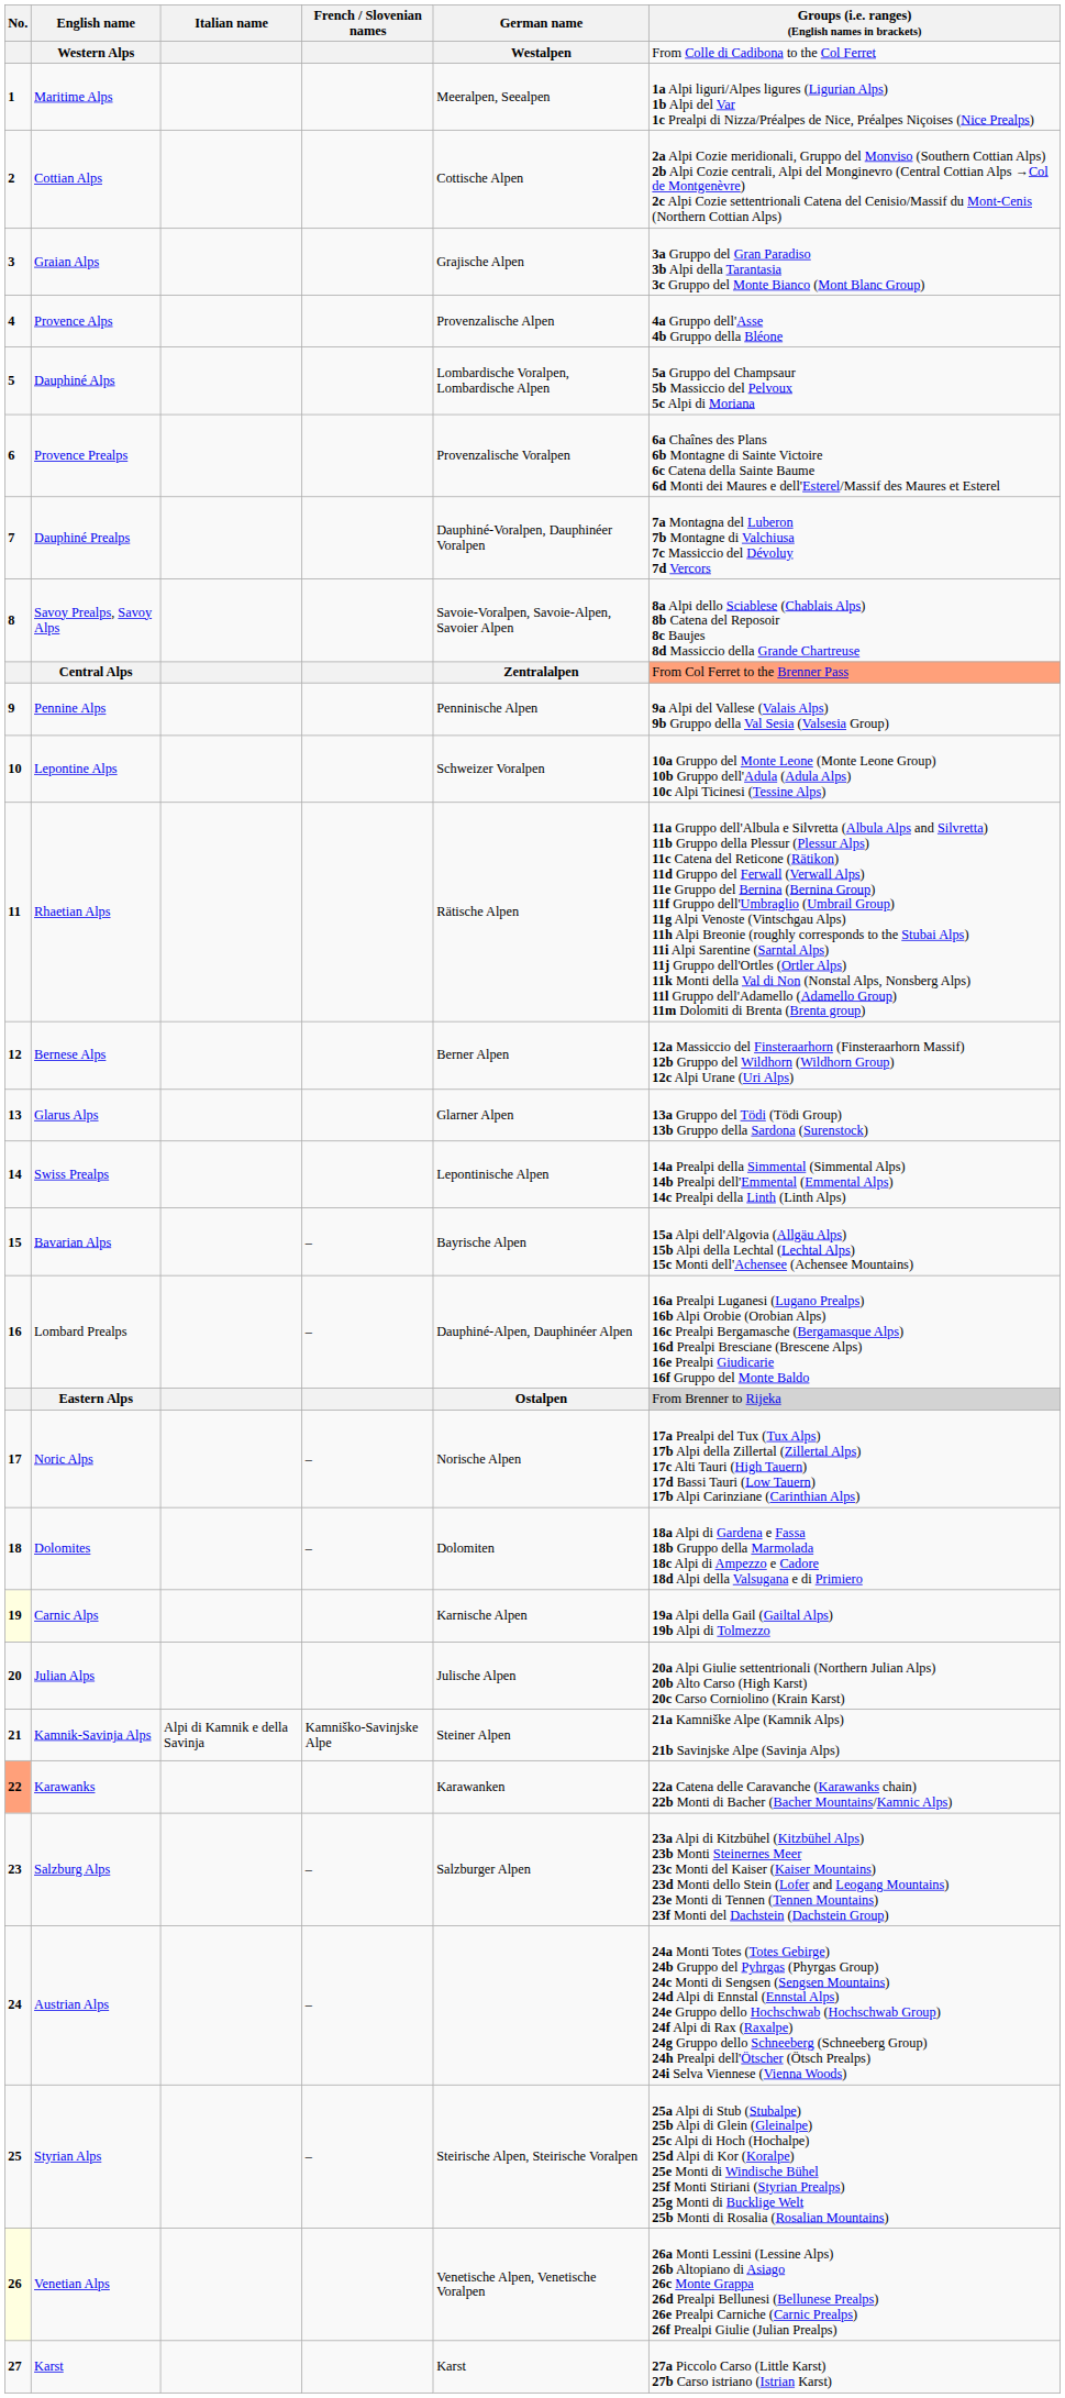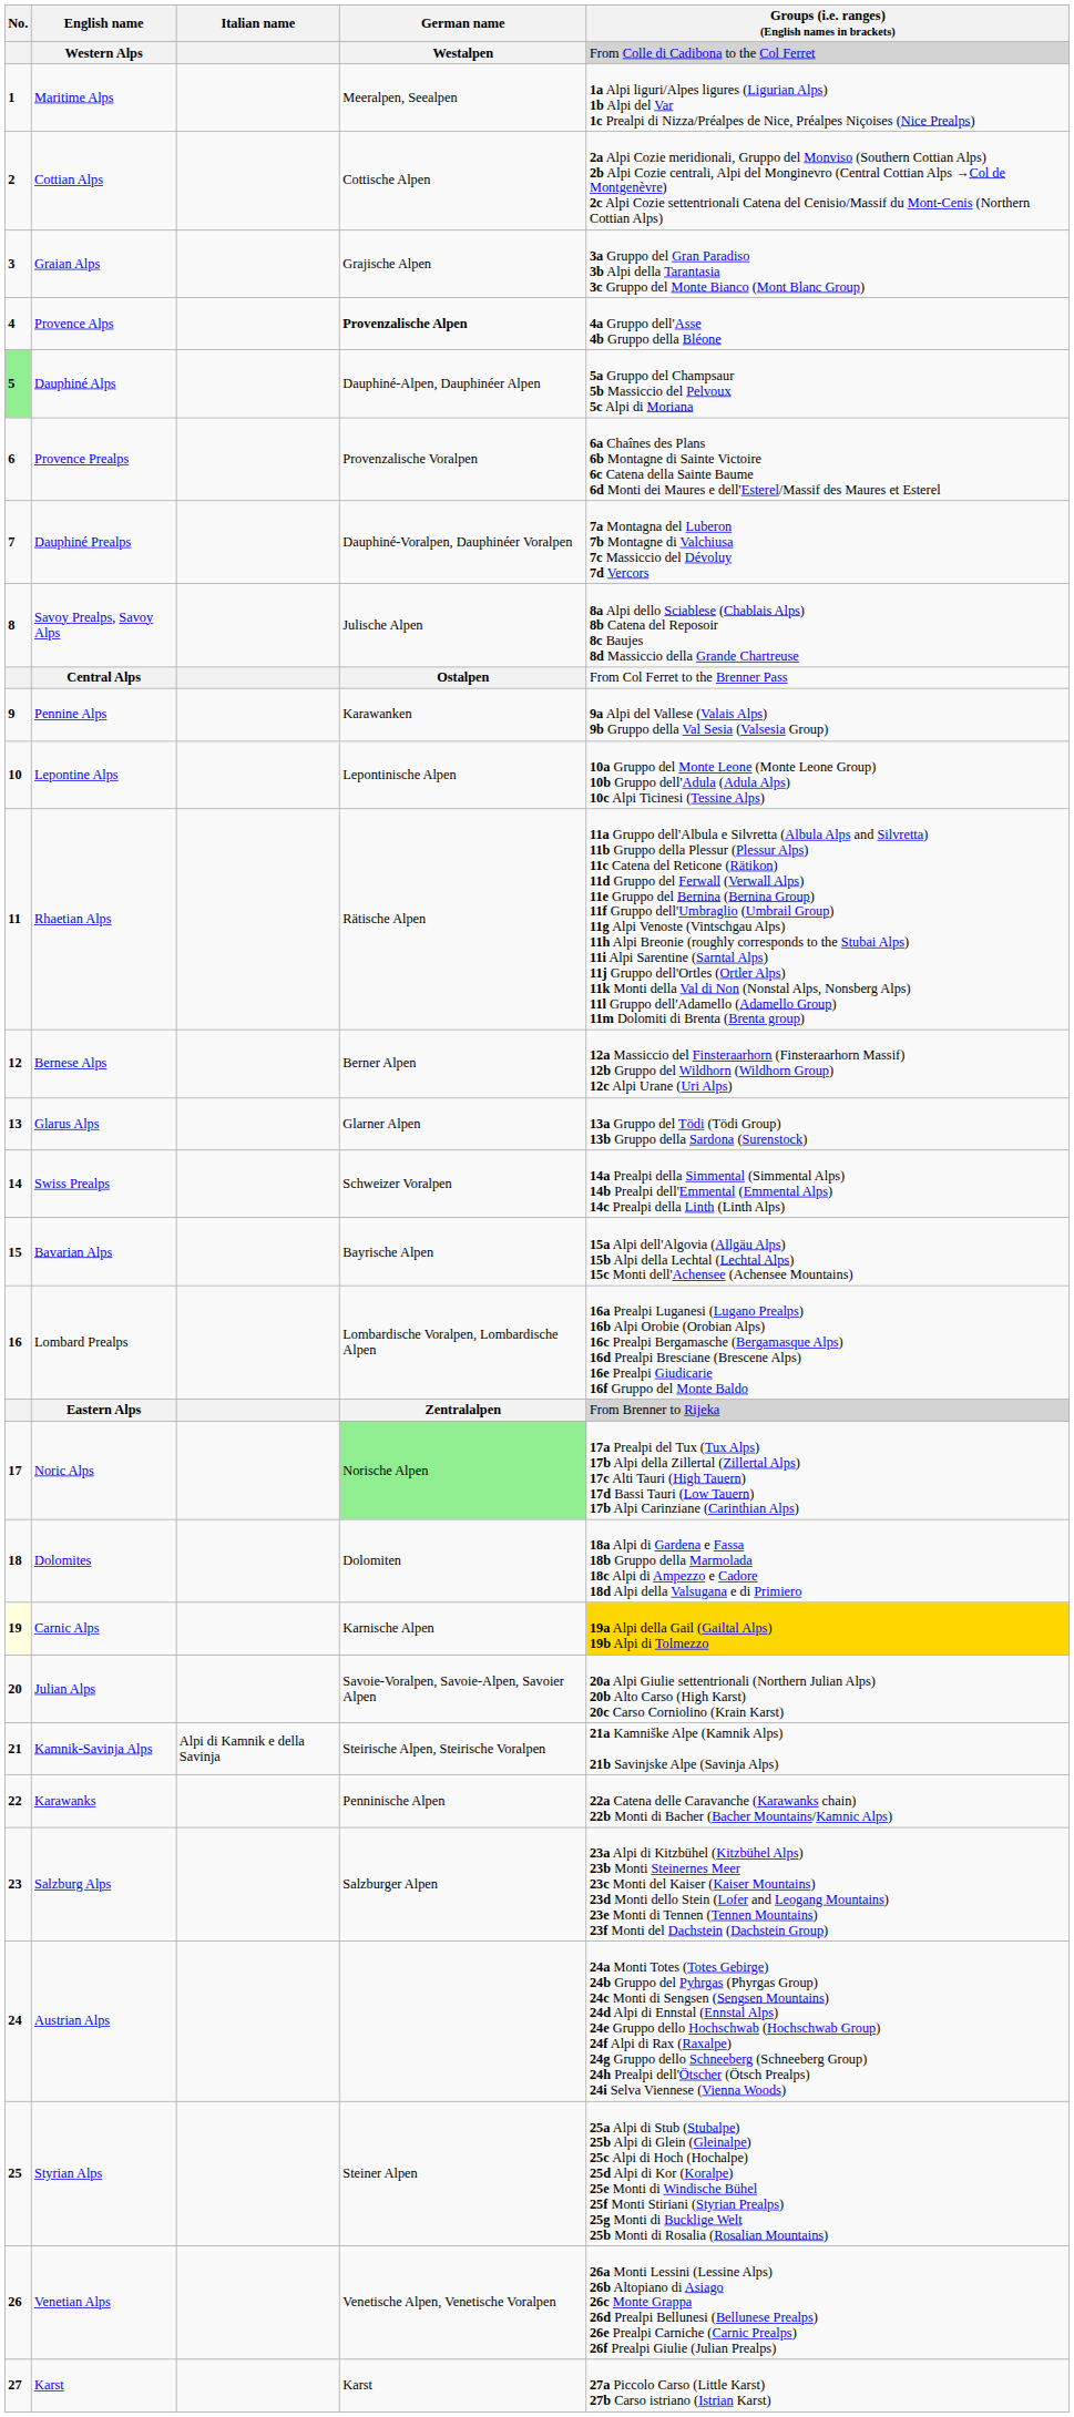 <table class="wikitable sortable">
 <tr>
 <th>No.</th>
 <th>English name</th>
 <th>Italian name</th>
-<th>French / Slovenian names </th>
 <th>German name</th>
 <th class="unsortable">Groups (i.e. ranges)<br><small>(English names in brackets)</small></th>
 </tr>
 <tr>
 <th></th>
 <th>Western Alps</th>
 <th></th>
-<th></th>
 <th>Westalpen</th>
-<td>From <a href='#'>Colle di Cadibona</a> to the <a href='#'>Col Ferret</a></td>
+<td style="background: lightgrey;">From <a href='#'>Colle di Cadibona</a> to the <a href='#'>Col Ferret</a></td>
 </tr>
 <tr>
 <td><strong>1</strong></td>
 <td><a href='#'>Maritime Alps</a></td>
-<td></td>
 <td></td>
 <td>Meeralpen, Seealpen</td>
 <td><br><strong>1a</strong> Alpi liguri/Alpes ligures (<a href='#'>Ligurian Alps</a>)<br> <strong>1b</strong> Alpi del <a href='#'>Var</a><br> <strong>1c</strong> Prealpi di Nizza/Préalpes de Nice, Préalpes Niçoises (<a href='#'>Nice Prealps</a>)</td>
 </tr>
 <tr>
 <td><strong>2</strong></td>
 <td><a href='#'>Cottian Alps</a></td>
 <td></td>
-<td></td>
 <td>Cottische Alpen</td>
 <td><br><strong>2a</strong> Alpi Cozie meridionali, Gruppo del <a href='#'>Monviso</a> (Southern Cottian Alps)<br> <strong>2b</strong> Alpi Cozie centrali, Alpi del Monginevro (Central Cottian Alps →<a href='#'>Col de Montgenèvre</a>)<br> <strong>2c</strong> Alpi Cozie settentrionali Catena del Cenisio/Massif du <a href='#'>Mont-Cenis</a> (Northern Cottian Alps)</td>
 </tr>
 <tr>
 <td><strong>3</strong></td>
 <td><a href='#'>Graian Alps</a></td>
-<td></td>
 <td></td>
 <td>Grajische Alpen</td>
 <td><br><strong>3a</strong> Gruppo del <a href='#'>Gran Paradiso</a><br> <strong>3b</strong> Alpi della <a href='#'>Tarantasia</a><br> <strong>3c</strong> Gruppo del <a href='#'>Monte Bianco</a> (<a href='#'>Mont Blanc Group</a>)</td>
 </tr>
 <tr>
 <td><strong>4</strong></td>
 <td><a href='#'>Provence Alps</a></td>
 <td></td>
-<td></td>
-<td>Provenzalische Alpen</td>
+<td><strong>Provenzalische Alpen</strong></td>
 <td><br><strong>4a</strong> Gruppo dell'<a href='#'>Asse</a><br> <strong>4b</strong> Gruppo della <a href='#'>Bléone</a></td>
 </tr>
 <tr>
-<td><strong>5</strong></td>
+<td style="background: lightgreen;"><strong>5</strong></td>
 <td><a href='#'>Dauphiné Alps</a></td>
 <td></td>
-<td></td>
-<td>Lombardische Voralpen, Lombardische Alpen</td>
+<td>Dauphiné-Alpen, Dauphinéer Alpen</td>
 <td><br><strong>5a</strong> Gruppo del Champsaur<br> <strong>5b</strong> Massiccio del <a href='#'>Pelvoux</a><br> <strong>5c</strong> Alpi di <a href='#'>Moriana</a></td>
 </tr>
 <tr>
 <td><strong>6</strong></td>
 <td><a href='#'>Provence Prealps</a></td>
-<td></td>
 <td></td>
 <td>Provenzalische Voralpen</td>
 <td><br><strong>6a</strong> Chaînes des Plans<br> <strong>6b</strong> Montagne di Sainte Victoire<br> <strong>6c</strong> Catena della Sainte Baume<br> <strong>6d</strong> Monti dei Maures e dell'<a href='#'>Esterel</a>/Massif des Maures et Esterel</td>
 </tr>
 <tr>
 <td><strong>7</strong></td>
 <td><a href='#'>Dauphiné Prealps</a></td>
 <td></td>
-<td></td>
 <td>Dauphiné-Voralpen, Dauphinéer Voralpen</td>
 <td><br><strong>7a</strong> Montagna del <a href='#'>Luberon</a><br> <strong>7b</strong> Montagne di <a href='#'>Valchiusa</a><br> <strong>7c</strong> Massiccio del <a href='#'>Dévoluy</a><br> <strong>7d</strong> <a href='#'>Vercors</a></td>
 </tr>
 <tr>
 <td><strong>8</strong></td>
 <td><a href='#'>Savoy Prealps</a>, <a href='#'>Savoy Alps</a></td>
 <td></td>
-<td></td>
-<td>Savoie-Voralpen, Savoie-Alpen, Savoier Alpen</td>
+<td>Julische Alpen</td>
 <td><br><strong>8a</strong> Alpi dello <a href='#'>Sciablese</a> (<a href='#'>Chablais Alps</a>)<br> <strong>8b</strong> Catena del Reposoir<br> <strong>8c</strong> Baujes<br> <strong>8d</strong> Massiccio della <a href='#'>Grande Chartreuse</a></td>
 </tr>
 <tr>
 <th></th>
 <th>Central Alps</th>
 <th></th>
-<th></th>
-<th>Zentralalpen</th>
-<td style="background: lightsalmon;">From Col Ferret to the <a href='#'>Brenner Pass</a></td>
+<th>Ostalpen</th>
+<td>From Col Ferret to the <a href='#'>Brenner Pass</a></td>
 </tr>
 <tr>
 <td><strong>9</strong></td>
 <td><a href='#'>Pennine Alps</a></td>
 <td></td>
-<td></td>
-<td>Penninische Alpen</td>
+<td>Karawanken</td>
 <td><br><strong>9a</strong> Alpi del Vallese (<a href='#'>Valais Alps</a>)<br> <strong>9b</strong> Gruppo della <a href='#'>Val Sesia</a> (<a href='#'>Valsesia</a> Group)</td>
 </tr>
 <tr>
 <td><strong>10</strong></td>
 <td><a href='#'>Lepontine Alps</a></td>
 <td></td>
-<td></td>
-<td>Schweizer Voralpen</td>
+<td>Lepontinische Alpen</td>
 <td><br><strong>10a</strong> Gruppo del <a href='#'>Monte Leone</a> (Monte Leone Group)<br> <strong>10b</strong> Gruppo dell'<a href='#'>Adula</a> (<a href='#'>Adula Alps</a>)<br> <strong>10c</strong> Alpi Ticinesi (<a href='#'>Tessine Alps</a>)</td>
 </tr>
 <tr>
 <td><strong>11</strong></td>
 <td><a href='#'>Rhaetian Alps</a></td>
-<td></td>
 <td></td>
 <td>Rätische Alpen</td>
 <td><br><strong>11a</strong> Gruppo dell'Albula e Silvretta (<a href='#'>Albula Alps</a> and <a href='#'>Silvretta</a>)<br> <strong>11b</strong> Gruppo della Plessur (<a href='#'>Plessur Alps</a>)<br> <strong>11c</strong> Catena del Reticone (<a href='#'>Rätikon</a>)<br> <strong>11d</strong> Gruppo del <a href='#'>Ferwall</a> (<a href='#'>Verwall Alps</a>)<br> <strong>11e</strong> Gruppo del <a href='#'>Bernina</a> (<a href='#'>Bernina Group</a>)<br> <strong>11f</strong> Gruppo dell'<a href='#'>Umbraglio</a> (<a href='#'>Umbrail Group</a>)<br> <strong>11g</strong> Alpi Venoste (Vintschgau Alps)<br> <strong>11h</strong> Alpi Breonie (roughly corresponds to the <a href='#'>Stubai Alps</a>)<br> <strong>11i</strong> Alpi Sarentine (<a href='#'>Sarntal Alps</a>)<br> <strong>11j</strong> Gruppo dell'Ortles (<a href='#'>Ortler Alps</a>)<br> <strong>11k</strong> Monti della <a href='#'>Val di Non</a> (Nonstal Alps, Nonsberg Alps)<br> <strong>11l</strong> Gruppo dell'Adamello (<a href='#'>Adamello Group</a>)<br> <strong>11m</strong> Dolomiti di Brenta (<a href='#'>Brenta group</a>)</td>
 </tr>
 <tr>
 <td><strong>12</strong></td>
 <td><a href='#'>Bernese Alps</a></td>
 <td></td>
-<td></td>
 <td>Berner Alpen</td>
 <td><br><strong>12a</strong> Massiccio del <a href='#'>Finsteraarhorn</a> (Finsteraarhorn Massif)<br> <strong>12b</strong> Gruppo del <a href='#'>Wildhorn</a> (<a href='#'>Wildhorn Group</a>)<br> <strong>12c</strong> Alpi Urane (<a href='#'>Uri Alps</a>)</td>
 </tr>
 <tr>
 <td><strong>13</strong></td>
 <td><a href='#'>Glarus Alps</a></td>
-<td></td>
 <td></td>
 <td>Glarner Alpen</td>
 <td><br><strong>13a</strong> Gruppo del <a href='#'>Tödi</a> (Tödi Group)<br> <strong>13b</strong> Gruppo della <a href='#'>Sardona</a> (<a href='#'>Surenstock</a>)</td>
 </tr>
 <tr>
 <td><strong>14</strong></td>
 <td><a href='#'>Swiss Prealps</a></td>
 <td></td>
-<td></td>
-<td>Lepontinische Alpen</td>
+<td>Schweizer Voralpen</td>
 <td><br><strong>14a</strong> Prealpi della <a href='#'>Simmental</a> (Simmental Alps)<br> <strong>14b</strong> Prealpi dell'<a href='#'>Emmental</a> (<a href='#'>Emmental Alps</a>)<br> <strong>14c</strong> Prealpi della <a href='#'>Linth</a> (Linth Alps)</td>
 </tr>
 <tr>
 <td><strong>15</strong></td>
 <td><a href='#'>Bavarian Alps</a></td>
 <td></td>
-<td>–</td>
 <td>Bayrische Alpen</td>
 <td><br><strong>15a</strong> Alpi dell'Algovia (<a href='#'>Allgäu Alps</a>)<br> <strong>15b</strong> Alpi della Lechtal (<a href='#'>Lechtal Alps</a>)<br> <strong>15c</strong> Monti dell'<a href='#'>Achensee</a> (Achensee Mountains)</td>
 </tr>
 <tr>
 <td><strong>16</strong></td>
 <td>Lombard Prealps</td>
 <td></td>
-<td>–</td>
-<td>Dauphiné-Alpen, Dauphinéer Alpen</td>
+<td>Lombardische Voralpen, Lombardische Alpen</td>
 <td><br><strong>16a</strong> Prealpi Luganesi (<a href='#'>Lugano Prealps</a>)<br> <strong>16b</strong> Alpi Orobie (Orobian Alps)<br> <strong>16c</strong> Prealpi Bergamasche (<a href='#'>Bergamasque Alps</a>)<br> <strong>16d</strong> Prealpi Bresciane (Brescene Alps)<br> <strong>16e</strong> Prealpi <a href='#'>Giudicarie</a><br> <strong>16f</strong> Gruppo del <a href='#'>Monte Baldo</a></td>
 </tr>
 <tr>
 <th></th>
 <th>Eastern Alps</th>
 <th></th>
-<th></th>
-<th>Ostalpen</th>
+<th>Zentralalpen</th>
 <td style="background: lightgrey;">From Brenner to <a href='#'>Rijeka</a></td>
 </tr>
 <tr>
 <td><strong>17</strong></td>
 <td><a href='#'>Noric Alps</a></td>
 <td></td>
-<td>–</td>
-<td>Norische Alpen</td>
+<td style="background: lightgreen;">Norische Alpen</td>
 <td><br><strong>17a</strong> Prealpi del Tux (<a href='#'>Tux Alps</a>)<br> <strong>17b</strong> Alpi della Zillertal (<a href='#'>Zillertal Alps</a>)<br> <strong>17c</strong>  Alti Tauri (<a href='#'>High Tauern</a>)<br> <strong>17d</strong>  Bassi Tauri (<a href='#'>Low Tauern</a>)<br> <strong>17b</strong>  Alpi Carinziane (<a href='#'>Carinthian Alps</a>)</td>
 </tr>
 <tr>
 <td><strong>18</strong></td>
 <td><a href='#'>Dolomites</a></td>
 <td></td>
-<td>–</td>
 <td>Dolomiten</td>
 <td><br><strong>18a</strong> Alpi di <a href='#'>Gardena</a> e <a href='#'>Fassa</a><br> <strong>18b</strong> Gruppo della <a href='#'>Marmolada</a><br> <strong>18c</strong> Alpi di <a href='#'>Ampezzo</a> e <a href='#'>Cadore</a><br> <strong>18d</strong> Alpi della <a href='#'>Valsugana</a> e di <a href='#'>Primiero</a></td>
 </tr>
 <tr>
 <td style="background: lightyellow;"><strong>19</strong></td>
 <td><a href='#'>Carnic Alps</a></td>
 <td></td>
-<td></td>
 <td>Karnische Alpen</td>
-<td><br><strong>19a</strong> Alpi della Gail (<a href='#'>Gailtal Alps</a>)<br> <strong>19b</strong>  Alpi di <a href='#'>Tolmezzo</a></td>
+<td style="background: gold;"><br><strong>19a</strong> Alpi della Gail (<a href='#'>Gailtal Alps</a>)<br> <strong>19b</strong>  Alpi di <a href='#'>Tolmezzo</a></td>
 </tr>
 <tr>
 <td><strong>20</strong></td>
 <td><a href='#'>Julian Alps</a></td>
 <td></td>
-<td></td>
-<td>Julische Alpen</td>
+<td>Savoie-Voralpen, Savoie-Alpen, Savoier Alpen</td>
 <td><br><strong>20a</strong> Alpi Giulie settentrionali (Northern Julian Alps)<br> <strong>20b</strong> Alto Carso (High Karst)<br> <strong>20c</strong> Carso Corniolino (Krain Karst)</td>
 </tr>
 <tr>
 <td><strong>21</strong></td>
 <td><a href='#'>Kamnik-Savinja Alps</a></td>
 <td>Alpi di Kamnik e della Savinja</td>
-<td>Kamniško-Savinjske Alpe</td>
-<td>Steiner Alpen</td>
+<td>Steirische Alpen, Steirische Voralpen</td>
 <td><strong>21a</strong> Kamniške Alpe (Kamnik Alps)<br><br><strong>21b</strong> Savinjske Alpe (Savinja Alps)</td>
 </tr>
 <tr>
-<td style="background: lightsalmon;"><strong>22</strong></td>
+<td><strong>22</strong></td>
 <td><a href='#'>Karawanks</a></td>
 <td></td>
-<td></td>
-<td>Karawanken</td>
+<td>Penninische Alpen</td>
 <td><br><strong>22a</strong> Catena delle Caravanche (<a href='#'>Karawanks</a> chain)<br> <strong>22b</strong> Monti di Bacher (<a href='#'>Bacher Mountains</a>/<a href='#'>Kamnic Alps</a>)</td>
 </tr>
 <tr>
 <td><strong>23</strong></td>
 <td><a href='#'>Salzburg Alps</a></td>
 <td></td>
-<td>–</td>
 <td>Salzburger Alpen</td>
 <td><br><strong>23a</strong> Alpi di Kitzbühel (<a href='#'>Kitzbühel Alps</a>)<br> <strong>23b</strong> Monti <a href='#'>Steinernes Meer</a><br> <strong>23c</strong> Monti del Kaiser (<a href='#'>Kaiser Mountains</a>)<br> <strong>23d</strong> Monti dello Stein (<a href='#'>Lofer</a> and <a href='#'>Leogang Mountains</a>)<br> <strong>23e</strong> Monti di Tennen (<a href='#'>Tennen Mountains</a>)<br> <strong>23f</strong> Monti del <a href='#'>Dachstein</a> (<a href='#'>Dachstein Group</a>)</td>
 </tr>
 <tr>
 <td><strong>24</strong></td>
 <td><a href='#'>Austrian Alps</a></td>
 <td></td>
-<td>–</td>
 <td></td>
 <td><br><strong>24a</strong> Monti Totes (<a href='#'>Totes Gebirge</a>)<br> <strong>24b</strong> Gruppo del <a href='#'>Pyhrgas</a> (Phyrgas Group)<br> <strong>24c</strong> Monti di Sengsen (<a href='#'>Sengsen Mountains</a>)<br> <strong>24d</strong> Alpi di Ennstal (<a href='#'>Ennstal Alps</a>)<br> <strong>24e</strong> Gruppo dello <a href='#'>Hochschwab</a> (<a href='#'>Hochschwab Group</a>)<br> <strong>24f</strong> Alpi di Rax (<a href='#'>Raxalpe</a>)<br> <strong>24g</strong> Gruppo dello <a href='#'>Schneeberg</a> (Schneeberg Group)<br> <strong>24h</strong> Prealpi dell'<a href='#'>Ötscher</a> (Ötsch Prealps)<br> <strong>24i</strong> Selva Viennese (<a href='#'>Vienna Woods</a>)</td>
 </tr>
 <tr>
 <td><strong>25</strong></td>
 <td><a href='#'>Styrian Alps</a></td>
 <td></td>
-<td>–</td>
-<td>Steirische Alpen, Steirische Voralpen</td>
+<td>Steiner Alpen</td>
 <td><br><strong>25a</strong> Alpi di Stub (<a href='#'>Stubalpe</a>)<br> <strong>25b</strong> Alpi di Glein (<a href='#'>Gleinalpe</a>)<br> <strong>25c</strong> Alpi di Hoch (Hochalpe)<br> <strong>25d</strong> Alpi di Kor (<a href='#'>Koralpe</a>)<br> <strong>25e</strong> Monti di <a href='#'>Windische Bühel</a><br> <strong>25f</strong> Monti Stiriani (<a href='#'>Styrian Prealps</a>)<br> <strong>25g</strong> Monti di <a href='#'>Bucklige Welt</a><br> <strong>25b</strong> Monti di Rosalia (<a href='#'>Rosalian Mountains</a>)</td>
 </tr>
 <tr>
-<td style="background: lightyellow;"><strong>26</strong></td>
+<td><strong>26</strong></td>
 <td><a href='#'>Venetian Alps</a></td>
-<td></td>
 <td></td>
 <td>Venetische Alpen, Venetische Voralpen</td>
 <td><br><strong>26a</strong> Monti Lessini (Lessine Alps)<br> <strong>26b</strong> Altopiano di <a href='#'>Asiago</a><br> <strong>26c</strong> <a href='#'>Monte Grappa</a><br> <strong>26d</strong> Prealpi Bellunesi (<a href='#'>Bellunese Prealps</a>)<br> <strong>26e</strong> Prealpi Carniche (<a href='#'>Carnic Prealps</a>)<br> <strong>26f</strong> Prealpi Giulie (Julian Prealps)</td>
 </tr>
 <tr>
 <td><strong>27</strong></td>
 <td><a href='#'>Karst</a></td>
 <td></td>
-<td></td>
 <td>Karst</td>
 <td><br><strong>27a</strong> Piccolo Carso (Little Karst)<br> <strong>27b</strong> Carso istriano (<a href='#'>Istrian</a> Karst)</td>
 </tr>
 </table>
